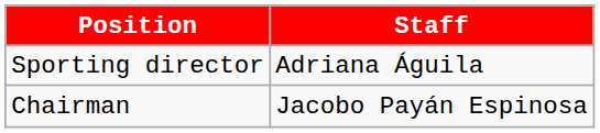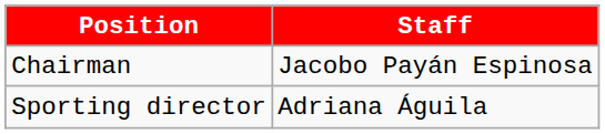 <table class="wikitable">
 <tr>
 <th style=background-color:red;color:#FFFFFF>Position</th>
 <th style=background-color:red;color:#FFFFFF>Staff</th>
 </tr>
 <tr>
+<td>Chairman</td>
+<td> Jacobo Payán Espinosa</td>
+</tr>
+<tr>
 <td>Sporting director</td>
 <td> Adriana Águila</td>
 </tr>
-<tr>
-<td>Chairman</td>
-<td> Jacobo Payán Espinosa</td>
-</tr>
 </table>
